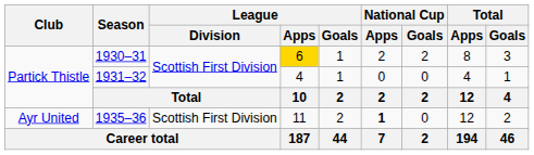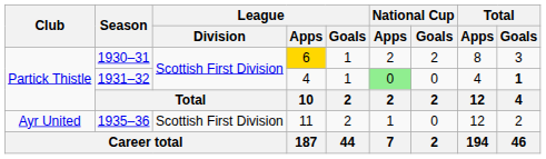 <table class="wikitable" style="text-align: center;">
 <tr>
 <th rowspan="2">Club</th>
 <th rowspan="2">Season</th>
 <th colspan="3">League</th>
 <th colspan="2">National Cup</th>
 <th colspan="2">Total</th>
 </tr>
 <tr>
 <th>Division</th>
 <th>Apps</th>
 <th>Goals</th>
 <th>Apps</th>
 <th>Goals</th>
 <th>Apps</th>
 <th>Goals</th>
 </tr>
 <tr>
 <td rowspan="3"><a href='#'>Partick Thistle</a></td>
 <td><a href='#'>1930–31</a></td>
 <td rowspan="2"><a href='#'>Scottish First Division</a></td>
 <td style="background: gold;">6</td>
 <td>1</td>
 <td>2</td>
 <td>2</td>
 <td>8</td>
 <td>3</td>
 </tr>
 <tr>
 <td><a href='#'>1931–32</a></td>
 <td>4</td>
 <td>1</td>
-<td>0</td>
+<td style="background: lightgreen;">0</td>
 <td>0</td>
 <td>4</td>
-<td>1</td>
+<td><strong>1</strong></td>
 </tr>
 <tr>
 <th colspan="2">Total</th>
 <th>10</th>
 <th>2</th>
 <th>2</th>
 <th>2</th>
 <th>12</th>
 <th>4</th>
 </tr>
 <tr>
 <td><a href='#'>Ayr United</a></td>
 <td><a href='#'>1935–36</a></td>
 <td>Scottish First Division</td>
 <td>11</td>
 <td>2</td>
-<td><strong>1</strong></td>
+<td>1</td>
 <td>0</td>
 <td>12</td>
 <td>2</td>
 </tr>
 <tr>
 <th colspan="3">Career total</th>
 <th>187</th>
 <th>44</th>
 <th>7</th>
 <th>2</th>
 <th>194</th>
 <th>46</th>
 </tr>
 </table>
